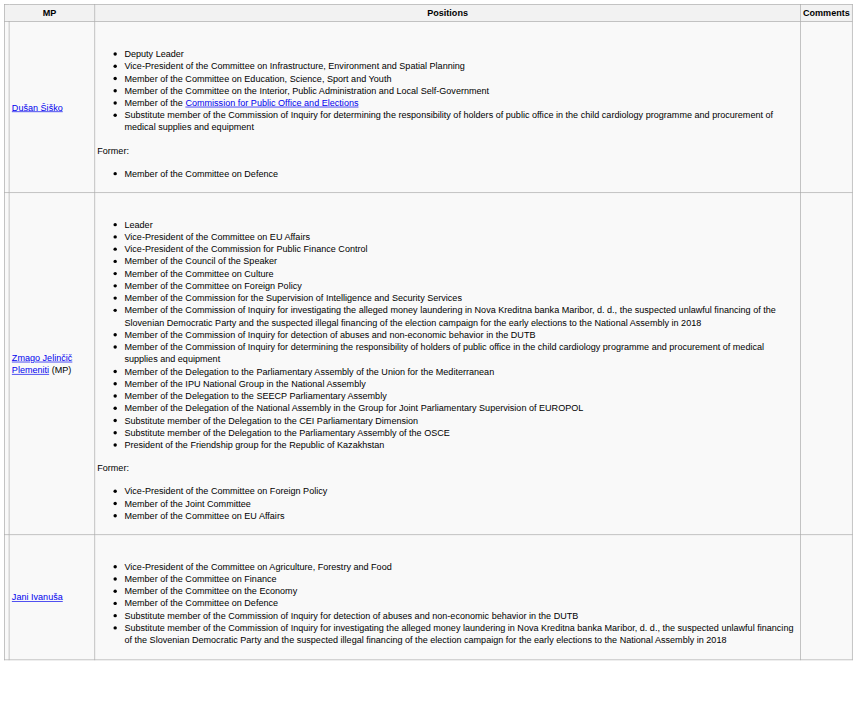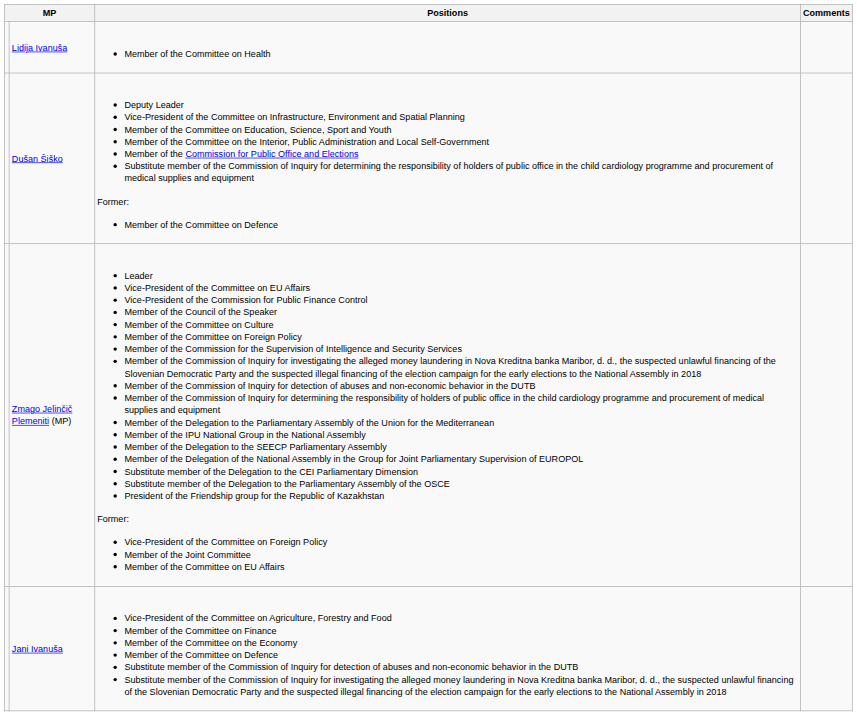 <table class="wikitable">
 <tr>
 <th colspan="2"><small>MP</small></th>
 <th><small>Positions</small></th>
 <th><small>Comments</small></th>
+</tr>
+<tr>
+<td style="background:"></td>
+<td><a href='#'><small>Lidija Ivanuša</small></a></td>
+<td><br><ul><li><small>Member of the Committee on Health</small></li></ul></td>
+<td></td>
 </tr>
 <tr>
 <td style="background:"></td>
 <td><a href='#'><small>Dušan Šiško</small></a></td>
 <td><br><ul><li><small>Deputy Leader</small></li><li><small>Vice-President of the Committee on Infrastructure, Environment and Spatial Planning</small></li><li><small>Member of the Committee on Education, Science, Sport and Youth</small></li><li><small>Member of the Committee on the Interior, Public Administration and Local Self-Government</small></li><li><small>Member of the <a href='#'>Commission for Public Office and Elections</a></small></li><li><small>Substitute member of the Commission of Inquiry for determining the responsibility of holders of public office in the child cardiology programme and procurement of medical supplies and equipment</small></li></ul><small>Former:</small><ul><li><small>Member of the Committee on Defence</small></li></ul></td>
 <td></td>
 </tr>
 <tr>
 <td style="background:"></td>
 <td><small><a href='#'>Zmago Jelinčič Plemeniti</a> (MP)</small></td>
 <td><br><ul><li><small>Leader</small></li><li><small>Vice-President of the Committee on EU Affairs</small></li><li><small>Vice-President of the Commission for Public Finance Control</small></li><li><small>Member of the Council of the Speaker</small></li><li><small>Member of the Committee on Culture</small></li><li><small>Member of the Committee on Foreign Policy</small></li><li><small>Member of the Commission for the Supervision of Intelligence and Security Services</small></li><li><small>Member of the Commission of Inquiry for investigating the alleged money laundering in Nova Kreditna banka Maribor, d. d., the suspected unlawful financing of the Slovenian Democratic Party and the suspected illegal financing of the election campaign for the early elections to the National Assembly in 2018</small></li><li><small>Member of the Commission of Inquiry for detection of abuses and non-economic behavior in the DUTB</small></li><li><small>Member of the Commission of Inquiry for determining the responsibility of holders of public office in the child cardiology programme and procurement of medical supplies and equipment</small></li><li><small>Member of the Delegation to the Parliamentary Assembly of the Union for the Mediterranean</small></li><li><small>Member of the IPU National Group in the National Assembly</small></li><li><small>Member of the Delegation to the SEECP Parliamentary Assembly</small></li><li><small>Member of the Delegation of the National Assembly in the Group for Joint Parliamentary Supervision of EUROPOL</small></li><li><small>Substitute member of the Delegation to the CEI Parliamentary Dimension</small></li><li><small>Substitute member of the Delegation to the Parliamentary Assembly of the OSCE</small></li><li><small>President of the Friendship group for the Republic of Kazakhstan</small></li></ul><small>Former:</small><ul><li><small>Vice-President of the Committee on Foreign Policy</small></li><li><small>Member of the Joint Committee</small></li><li><small>Member of the Committee on EU Affairs</small></li></ul></td>
 <td></td>
 </tr>
 <tr>
 <td style="background:"></td>
 <td><a href='#'><small>Jani Ivanuša</small></a></td>
 <td><br><ul><li><small>Vice-President of the Committee on Agriculture, Forestry and Food</small></li><li><small>Member of the Committee on Finance</small></li><li><small>Member of the Committee on the Economy</small></li><li><small>Member of the Committee on Defence</small></li><li><small>Substitute member of the Commission of Inquiry for detection of abuses and non-economic behavior in the DUTB</small></li><li><small>Substitute member of the Commission of Inquiry for investigating the alleged money laundering in Nova Kreditna banka Maribor, d. d., the suspected unlawful financing of the Slovenian Democratic Party and the suspected illegal financing of the election campaign for the early elections to the National Assembly in 2018</small></li></ul></td>
 <td></td>
 </tr>
 </table>
